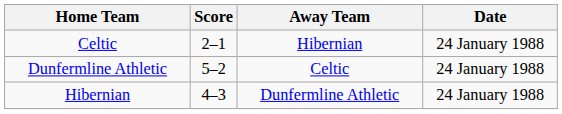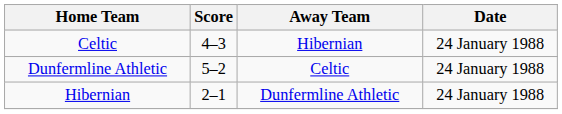 <table class="wikitable" style="text-align:center;">
 <tr>
 <th width=175>Home Team</th>
 <th width=20>Score</th>
 <th width=175>Away Team</th>
 <th width= 125>Date</th>
 </tr>
 <tr>
 <td><a href='#'>Celtic</a></td>
-<td>2–1</td>
+<td>4–3</td>
 <td><a href='#'>Hibernian</a></td>
 <td>24 January 1988</td>
 </tr>
 <tr>
 <td><a href='#'>Dunfermline Athletic</a></td>
 <td>5–2</td>
 <td><a href='#'>Celtic</a></td>
 <td>24 January 1988</td>
 </tr>
 <tr>
 <td><a href='#'>Hibernian</a></td>
-<td>4–3</td>
+<td>2–1</td>
 <td><a href='#'>Dunfermline Athletic</a></td>
 <td>24 January 1988</td>
 </tr>
 <tr>
 </tr>
 </table>
